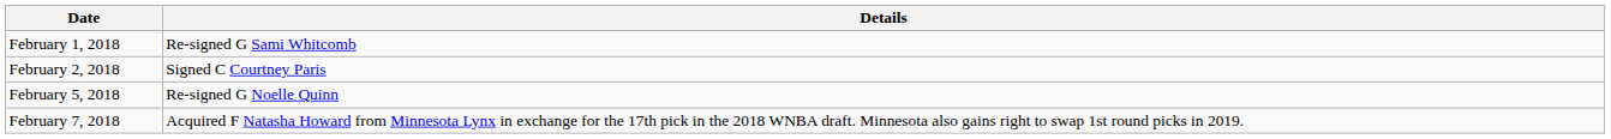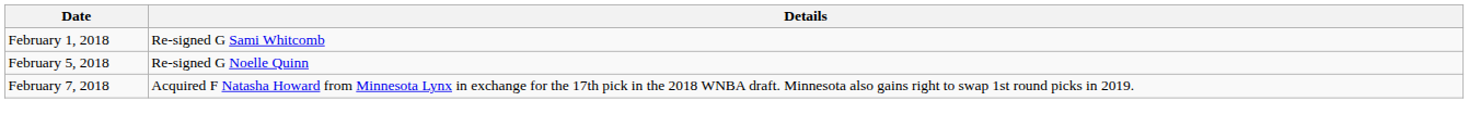 <table class="wikitable" style="width:80%">
 <tr>
 <th>Date</th>
 <th>Details</th>
 </tr>
 <tr>
 <td>February 1, 2018</td>
 <td>Re-signed G <a href='#'>Sami Whitcomb</a></td>
 </tr>
 <tr>
-<td>February 2, 2018</td>
-<td>Signed C <a href='#'>Courtney Paris</a></td>
-</tr>
-<tr>
 <td>February 5, 2018</td>
 <td>Re-signed G <a href='#'>Noelle Quinn</a></td>
 </tr>
 <tr>
 <td>February 7, 2018</td>
 <td>Acquired F <a href='#'>Natasha Howard</a> from <a href='#'>Minnesota Lynx</a> in exchange for the 17th pick in the 2018 WNBA draft.  Minnesota also gains right to swap 1st round picks in 2019.</td>
 </tr>
 </table>
